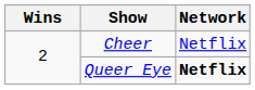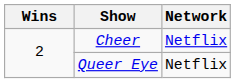 <table class="wikitable floatleft" rowspan="3" style="text-align:center;" background: #f6e39c;>
 <tr>
 <th scope="col" style="width:55px;">Wins</th>
 <th scope="col" style="text-align:center;">Show</th>
 <th scope="col" style="text-align:center;">Network</th>
 </tr>
 <tr>
 <td rowspan="2">2</td>
 <td><em><a href='#'>Cheer</a></em></td>
 <td><a href='#'>Netflix</a></td>
 </tr>
 <tr>
 <td><em><a href='#'>Queer Eye</a></em></td>
-<td><strong>Netflix</strong></td>
+<td>Netflix</td>
 </tr>
 </table>
